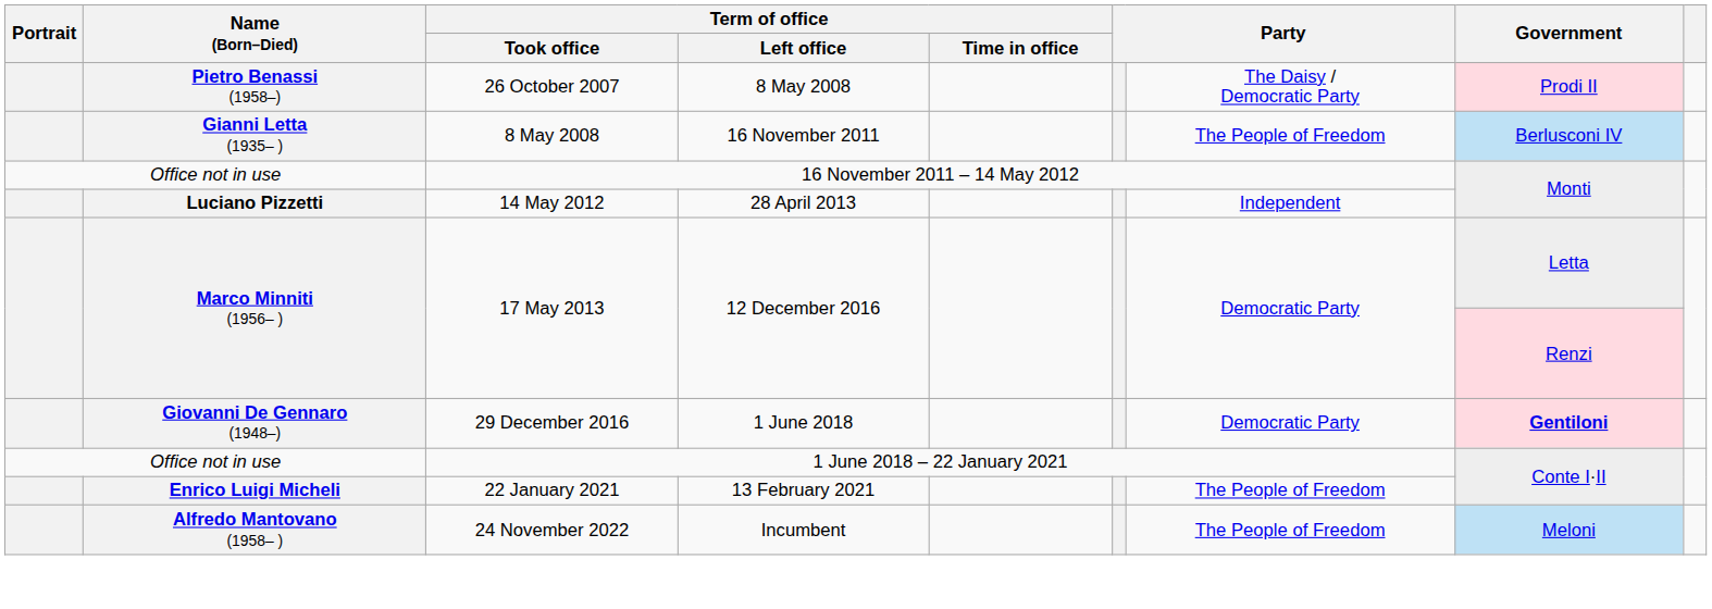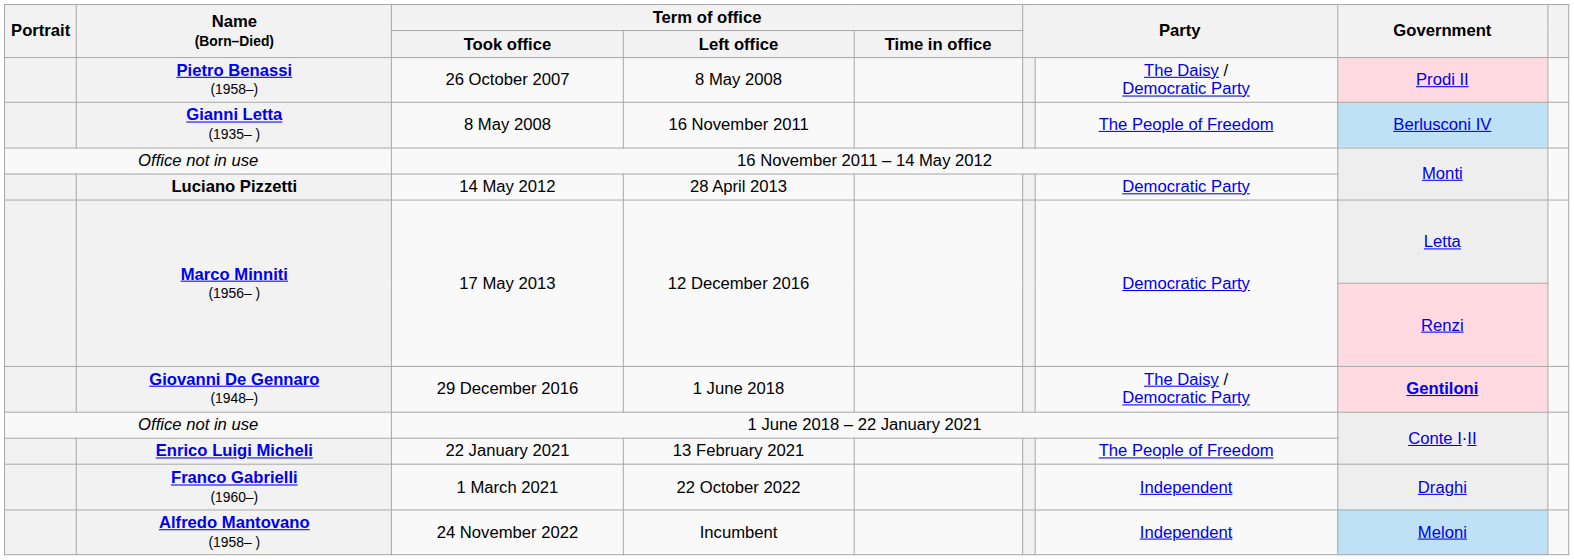 <table class="wikitable" style="text-align:center; style="width=95%">
 <tr>
 <th width=1% rowspan=2>Portrait</th>
 <th width=15% rowspan=2>Name<br><small>(Born–Died)</small></th>
 <th width=30% colspan=3>Term of office</th>
 <th width=15% rowspan=2 colspan=2>Party</th>
 <th width=10% rowspan=2>Government</th>
 <th width=1% rowspan=2></th>
 </tr>
 <tr style="text-align:center;">
 <th width=11%>Took office</th>
 <th width=11%>Left office</th>
 <th width=8%>Time in office</th>
 </tr>
 <tr>
 <th></th>
 <th scope="row" style="font-weight:normal"><strong><a href='#'>Pietro Benassi</a></strong><br><small>(1958–)</small></th>
 <td>26 October 2007</td>
 <td>8 May 2008</td>
 <td></td>
 <th style="background:"></th>
 <td><a href='#'>The Daisy</a> /<br><a href='#'>Democratic Party</a></td>
 <td bgcolor=#FFDAE1><a href='#'>Prodi II</a></td>
 <td></td>
 </tr>
 <tr>
 <th></th>
 <th scope="row" style="font-weight:normal"><strong><a href='#'>Gianni Letta</a></strong><br><small>(1935– )</small></th>
 <td>8 May 2008</td>
 <td>16 November 2011</td>
 <td></td>
 <th style="background:"></th>
 <td><a href='#'>The People of Freedom</a></td>
 <td bgcolor=#BEE1F5><a href='#'>Berlusconi IV</a></td>
 <td></td>
 </tr>
 <tr>
 <td colspan=2><em>Office not in use</em></td>
 <td colspan=5>16 November 2011 – 14 May 2012</td>
 <td rowspan=2 bgcolor=#EEEEEE><a href='#'>Monti</a></td>
 <td rowspan=2></td>
 </tr>
 <tr>
 <th></th>
 <th scope="row" style="font-weight:normal"><strong>Luciano Pizzetti</strong><br></th>
 <td>14 May 2012</td>
 <td>28 April 2013</td>
 <td></td>
 <th style="background:"></th>
-<td><a href='#'>Independent</a></td>
+<td><a href='#'>Democratic Party</a></td>
 </tr>
 <tr style="height:5em;">
 <th rowspan=2></th>
 <th rowspan=2 scope="row" style="font-weight:normal"><strong><a href='#'>Marco Minniti</a></strong><br><small>(1956– )</small></th>
 <td rowspan=2>17 May 2013</td>
 <td rowspan=2>12 December 2016</td>
 <td rowspan=2></td>
 <th rowspan=2 style="background:"></th>
 <td rowspan=2><a href='#'>Democratic Party</a></td>
 <td bgcolor=EEEEEE><a href='#'>Letta</a></td>
 <td rowspan=2></td>
 </tr>
 <tr style="height:5em;">
 <td bgcolor=#FFDAE1><a href='#'>Renzi</a></td>
 </tr>
 <tr>
 <th></th>
 <th scope="row" style="font-weight:normal"><strong><a href='#'>Giovanni De Gennaro</a></strong><br><small>(1948–)</small></th>
 <td>29 December 2016</td>
 <td>1 June 2018</td>
 <td></td>
 <th style="background:"></th>
-<td><a href='#'>Democratic Party</a></td>
+<td><a href='#'>The Daisy</a> /<br><a href='#'>Democratic Party</a></td>
 <td bgcolor=#FFDAE1><strong><a href='#'>Gentiloni</a></strong></td>
 <td></td>
 </tr>
 <tr>
 <td colspan=2><em>Office not in use</em></td>
 <td colspan=5>1 June 2018 – 22 January 2021</td>
 <td rowspan=2 bgcolor=#EEEEEE><a href='#'>Conte I</a>·<a href='#'>II</a></td>
 <td rowspan=2></td>
 </tr>
 <tr>
 <th></th>
 <th scope="row" style="font-weight:normal"><strong><a href='#'>Enrico Luigi Micheli</a></strong><br></th>
 <td>22 January 2021</td>
 <td>13 February 2021</td>
 <td></td>
 <th style="background:"></th>
 <td><a href='#'>The People of Freedom</a></td>
 </tr>
 <tr>
 <th></th>
+<th scope="row" style="font-weight:normal"><strong><a href='#'>Franco Gabrielli</a></strong><br><small>(1960–)</small></th>
+<td>1 March 2021</td>
+<td>22 October 2022</td>
+<td></td>
+<th style="background:"></th>
+<td><a href='#'>Independent</a></td>
+<td bgcolor=#EEEEEE><a href='#'>Draghi</a></td>
+<td></td>
+</tr>
+<tr>
+<th></th>
 <th scope="row" style="font-weight:normal"><strong><a href='#'>Alfredo Mantovano</a></strong><br><small>(1958– )</small></th>
 <td>24 November 2022</td>
 <td>Incumbent</td>
 <td></td>
 <th style="background:"></th>
-<td><a href='#'>The People of Freedom</a></td>
+<td><a href='#'>Independent</a></td>
 <td bgcolor=#BEE1F5><a href='#'>Meloni</a></td>
 <td></td>
 </tr>
 </table>
